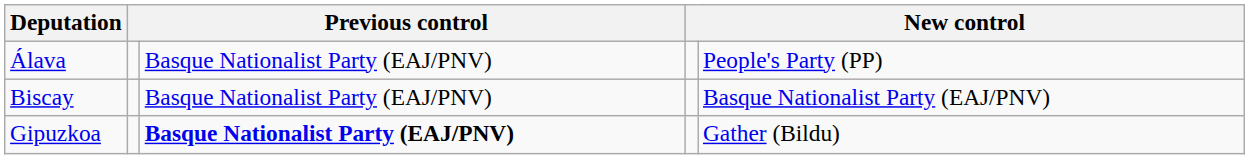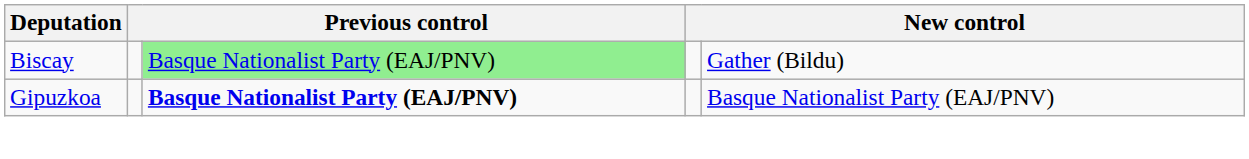 <table class="wikitable sortable">
 <tr>
 <th>Deputation</th>
 <th colspan="2" style="width:375px;">Previous control</th>
 <th colspan="2" style="width:375px;">New control</th>
 </tr>
 <tr>
-<td><a href='#'>Álava</a></td>
-<td width="1" style="color:inherit;background:"></td>
-<td><a href='#'>Basque Nationalist Party</a> (EAJ/PNV)</td>
-<td width="1" style="color:inherit;background:"></td>
-<td><a href='#'>People's Party</a> (PP)</td>
-</tr>
-<tr>
 <td><a href='#'>Biscay</a></td>
 <td style="color:inherit;background:"></td>
-<td><a href='#'>Basque Nationalist Party</a> (EAJ/PNV)</td>
+<td style="background: lightgreen;"><a href='#'>Basque Nationalist Party</a> (EAJ/PNV)</td>
 <td style="color:inherit;background:"></td>
-<td><a href='#'>Basque Nationalist Party</a> (EAJ/PNV)</td>
+<td><a href='#'>Gather</a> (Bildu)</td>
 </tr>
 <tr>
 <td><a href='#'>Gipuzkoa</a></td>
 <td style="color:inherit;background:"></td>
 <td><strong><a href='#'>Basque Nationalist Party</a> (EAJ/PNV)</strong></td>
 <td style="color:inherit;background:"></td>
-<td><a href='#'>Gather</a> (Bildu)</td>
+<td><a href='#'>Basque Nationalist Party</a> (EAJ/PNV)</td>
 </tr>
 </table>
